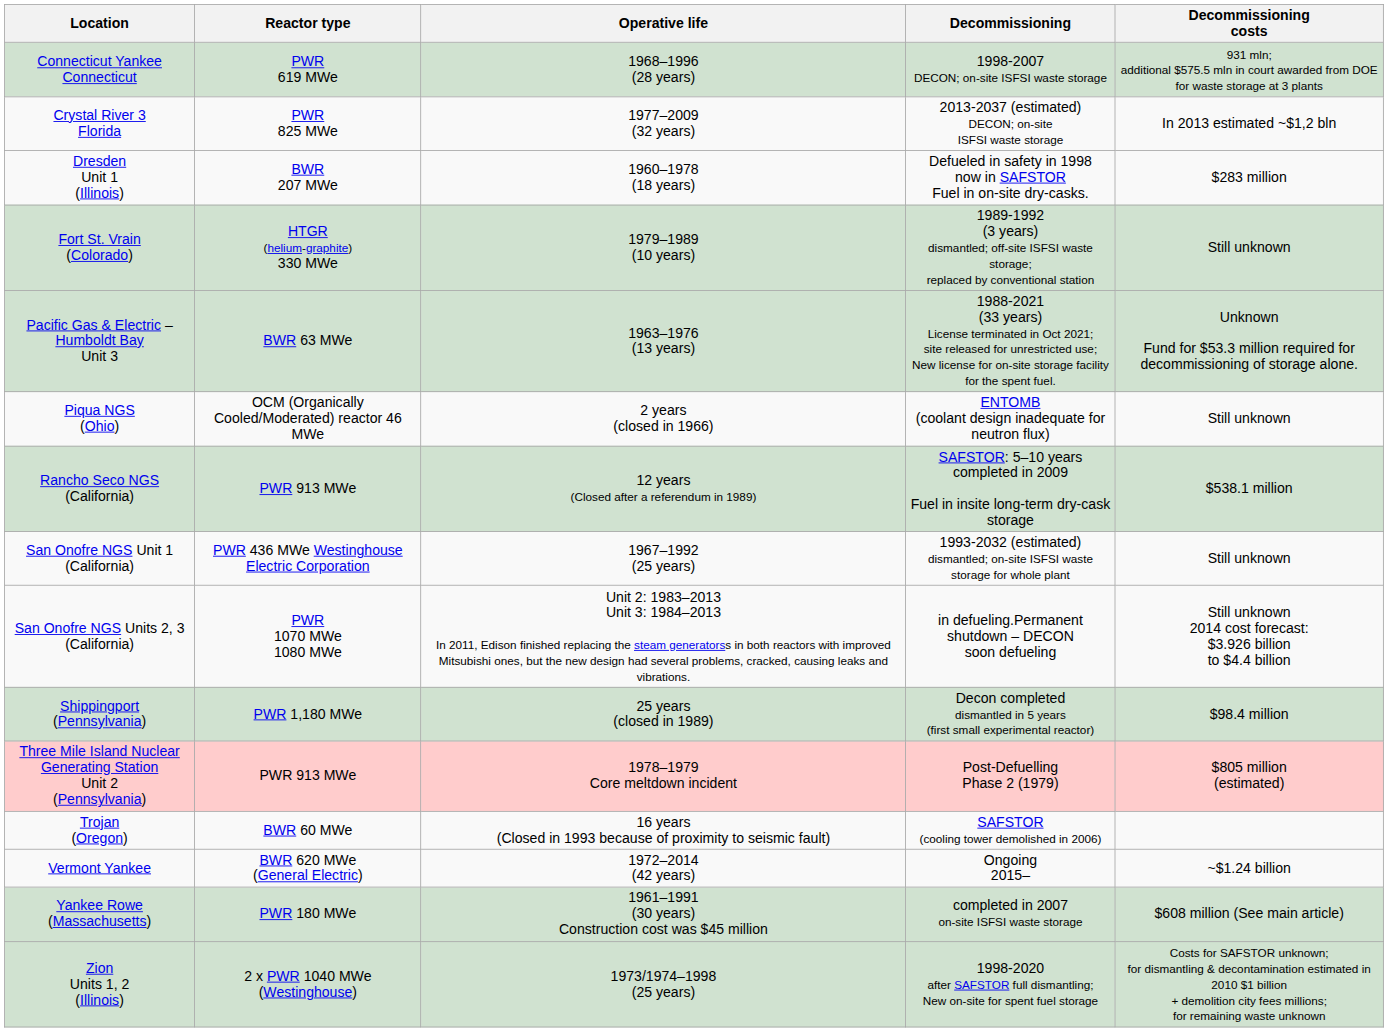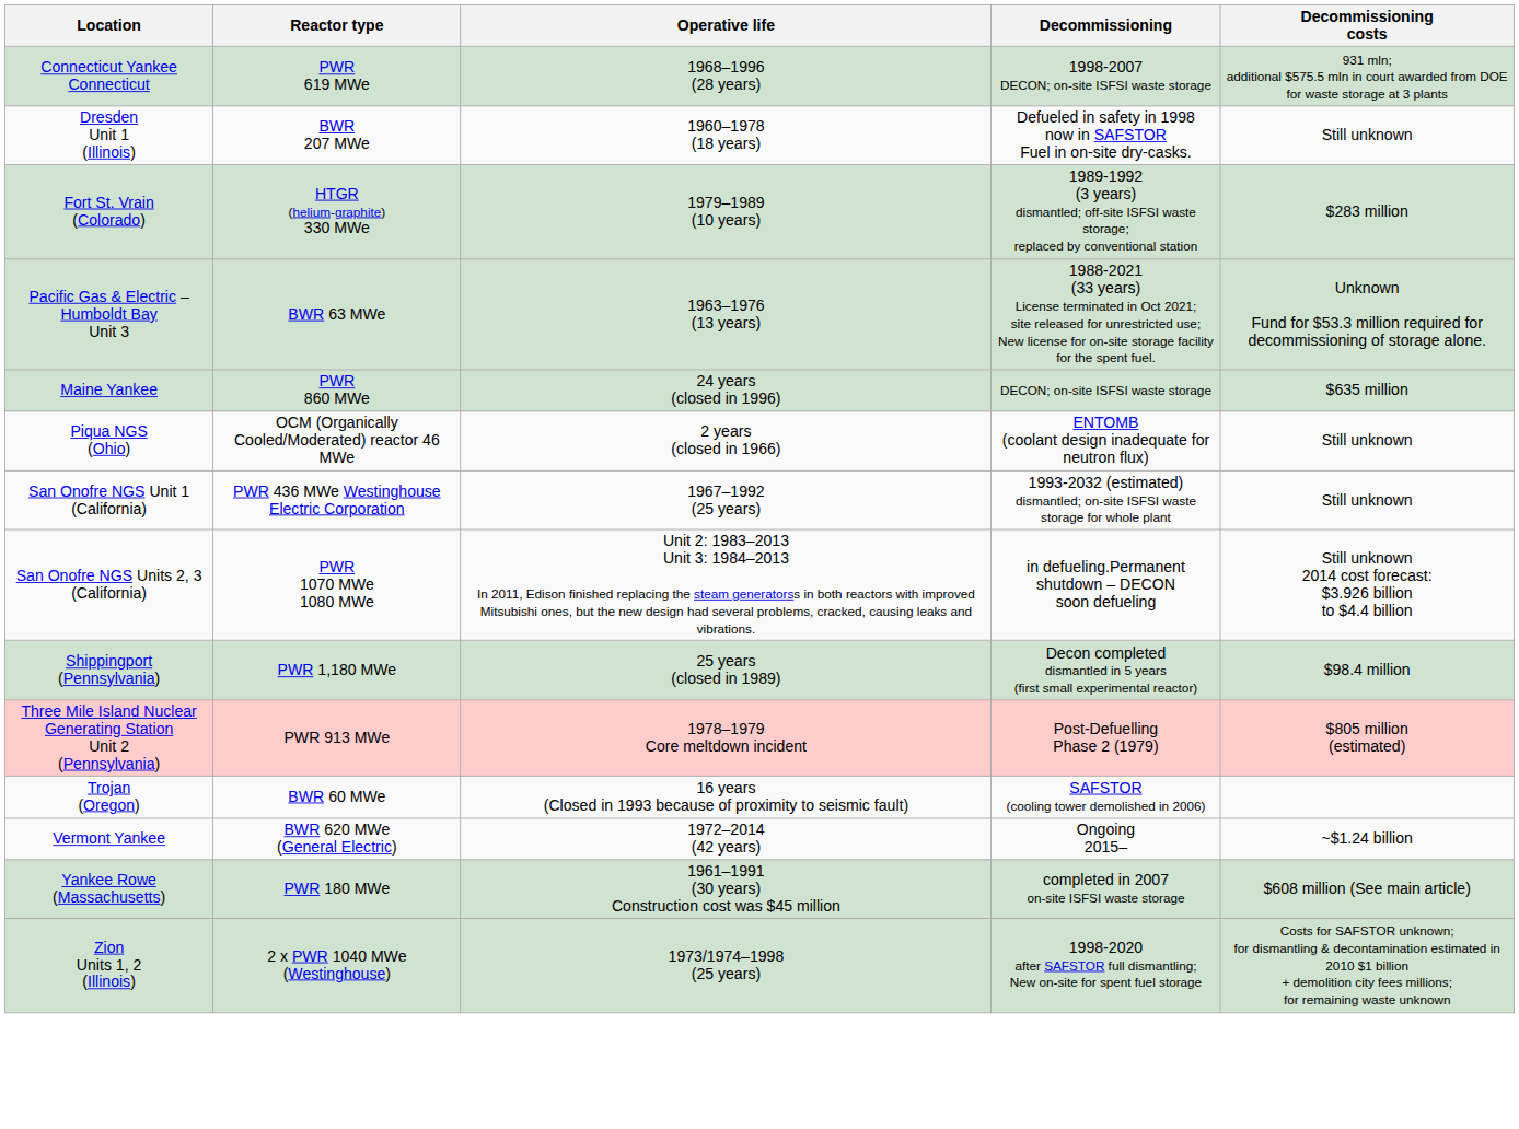 <table class="wikitable"  style="text-align:center;">
 <tr>
 <th>Location</th>
 <th>Reactor type</th>
 <th>Operative life</th>
 <th>Decommissioning</th>
 <th>Decommissioning <br> costs</th>
 </tr>
 <tr style="background:#d0e2d0">
 <td><a href='#'>Connecticut Yankee</a> <br> <a href='#'>Connecticut</a></td>
 <td><a href='#'>PWR</a> <br> 619 MWe</td>
 <td>1968–1996 <br> (28 years)</td>
 <td>1998-2007 <br>  <small>DECON; on-site ISFSI waste storage</small></td>
 <td><small>931 mln; <br> additional $575.5 mln in court awarded from DOE for waste storage at 3 plants</small></td>
 </tr>
 <tr>
-<td><a href='#'>Crystal River 3</a> <br> <a href='#'>Florida</a></td>
-<td><a href='#'>PWR</a> <br> 825 MWe</td>
-<td>1977–2009 <br> (32 years)</td>
-<td>2013-2037 (estimated) <br>  <small>DECON; on-site <br> ISFSI waste storage </small></td>
-<td>In 2013 estimated ~$1,2 bln</td>
-</tr>
-<tr>
 <td><a href='#'>Dresden</a> <br> Unit 1 <br> (<a href='#'>Illinois</a>)</td>
 <td><a href='#'>BWR</a> <br> 207 MWe</td>
 <td>1960–1978 <br> (18 years)</td>
 <td>Defueled in safety in 1998<br> now in <a href='#'>SAFSTOR</a> <br> Fuel in on-site dry-casks.</td>
-<td>$283 million</td>
+<td>Still unknown</td>
 </tr>
 <tr style="background:#d0e2d0">
 <td><a href='#'>Fort St. Vrain</a> <br> (<a href='#'>Colorado</a>)</td>
 <td><a href='#'>HTGR</a> <br> <small> (<a href='#'>helium</a>-<a href='#'>graphite</a>) </small> <br> 330 MWe</td>
 <td>1979–1989 <br> (10 years)</td>
 <td>1989-1992 <br> (3 years) <br><small>dismantled; off-site ISFSI waste storage; <br>replaced by conventional station</small></td>
-<td>Still unknown</td>
+<td>$283 million</td>
 </tr>
 <tr style="background:#d0e2d0 ">
 <td><a href='#'>Pacific Gas & Electric</a> – <br> <a href='#'>Humboldt Bay</a><br>Unit 3</td>
 <td><a href='#'>BWR</a> 63 MWe</td>
 <td>1963–1976<br>(13 years)</td>
 <td>1988-2021<br>(33 years)<br><small>License terminated in Oct 2021;<br>site released for unrestricted use;<br>New license for on-site storage facility for the spent fuel.</small></td>
 <td>Unknown<br><br>Fund for $53.3 million required for decommissioning of storage alone.</td>
 </tr>
+<tr style="background:#d0e2d0 ">
+<td><a href='#'>Maine Yankee</a></td>
+<td><a href='#'>PWR</a> <br> 860 MWe</td>
+<td>24 years <br> (closed in 1996)</td>
+<td><small>DECON; on-site ISFSI waste storage</small></td>
+<td>$635 million</td>
+</tr>
 <tr>
 <td><a href='#'>Piqua NGS</a> <br> (<a href='#'>Ohio</a>)</td>
 <td>OCM (Organically Cooled/Moderated) reactor 46 MWe</td>
 <td>2 years <br> (closed in 1966)</td>
 <td><a href='#'>ENTOMB</a><br> (coolant design inadequate for neutron flux)</td>
 <td>Still unknown</td>
-</tr>
-<tr style="background:#d0e2d0">
-<td><a href='#'>Rancho Seco NGS</a> <br> (California)</td>
-<td><a href='#'>PWR</a> 913 MWe</td>
-<td>12 years <br><small> (Closed after a referendum in 1989) </small></td>
-<td><a href='#'>SAFSTOR</a>: 5–10 years <br> completed in 2009  <br><br>Fuel in insite long-term dry-cask storage</td>
-<td>$538.1 million </td>
 </tr>
 <tr>
 <td><a href='#'>San Onofre NGS</a> Unit 1 <br> (California)</td>
 <td><a href='#'>PWR</a> 436 MWe <a href='#'>Westinghouse Electric Corporation</a></td>
 <td>1967–1992 <br> (25 years)</td>
 <td>1993-2032 (estimated) <br> <small> dismantled;  on-site ISFSI waste storage for whole plant</small></td>
 <td>Still unknown</td>
 </tr>
 <tr>
 <td><a href='#'>San Onofre NGS</a> Units 2, 3<br> (California)</td>
 <td><a href='#'>PWR</a> <br> 1070 MWe <br> 1080 MWe</td>
 <td>Unit 2: 1983–2013 <br> Unit 3: 1984–2013 <br><br><small> In  2011, Edison finished replacing the <a href='#'>steam generators</a>s in both reactors with improved Mitsubishi ones, but the new design had several problems, cracked, causing leaks and vibrations.</small></td>
 <td>in defueling.Permanent shutdown – DECON <br>soon defueling</td>
 <td>Still unknown<br>2014 cost forecast: <br> $3.926 billion <br> to $4.4 billion</td>
 </tr>
 <tr style="background:#d0e2d0 ">
 <td><a href='#'>Shippingport</a> <br> (<a href='#'>Pennsylvania</a>)</td>
 <td><a href='#'>PWR</a> 1,180 MWe</td>
 <td>25 years <br> (closed in 1989)</td>
 <td>Decon completed <br> <small> dismantled in 5 years <br> (first small experimental reactor)</small></td>
 <td>$98.4 million</td>
 </tr>
 <tr style="background:#fcc;">
 <td><a href='#'>Three Mile Island Nuclear Generating Station</a><br> Unit 2 <br> (<a href='#'>Pennsylvania</a>)</td>
 <td>PWR 913 MWe</td>
 <td>1978–1979 <br>Core meltdown incident</td>
 <td>Post-Defuelling <br> Phase 2 (1979)</td>
 <td>$805 million <br> (estimated)</td>
 </tr>
 <tr>
 <td><a href='#'>Trojan</a> <br> (<a href='#'>Oregon</a>)</td>
 <td><a href='#'>BWR</a> 60 MWe</td>
 <td>16 years <br> (Closed in 1993 because of proximity to seismic fault)</td>
 <td><a href='#'>SAFSTOR</a><br> <small>(cooling tower demolished in 2006)</small></td>
 <td></td>
 </tr>
 <tr>
 <td><a href='#'>Vermont Yankee</a></td>
 <td><a href='#'>BWR</a> 620 MWe <br> (<a href='#'>General Electric</a>)</td>
 <td>1972–2014<br> (42 years)</td>
 <td>Ongoing <br>2015–</td>
 <td>~$1.24 billion</td>
 </tr>
 <tr style="background:#d0e2d0">
 <td><a href='#'>Yankee Rowe</a> <br> (<a href='#'>Massachusetts</a>)</td>
 <td><a href='#'>PWR</a> 180 MWe</td>
 <td>1961–1991 <br> (30 years) <br> Construction cost was $45 million</td>
 <td>completed in 2007 <br> <small>on-site ISFSI waste storage</small></td>
 <td>$608 million (See main article)</td>
 </tr>
 <tr style="background:#d0e2d0">
 <td><a href='#'>Zion</a> <br> Units 1, 2 <br> (<a href='#'>Illinois</a>)</td>
 <td>2 x <a href='#'>PWR</a> 1040 MWe <br>(<a href='#'>Westinghouse</a>)</td>
 <td>1973/1974–1998<br> (25 years)</td>
 <td>1998-2020 <br><small>after <a href='#'>SAFSTOR</a> full dismantling;<br> New on-site for spent fuel storage</small></td>
 <td><small>Costs for SAFSTOR unknown; <br> for dismantling & decontamination estimated in 2010 $1 billion <br>+ demolition city fees millions; <br>for remaining waste unknown </small></td>
 </tr>
 </table>
